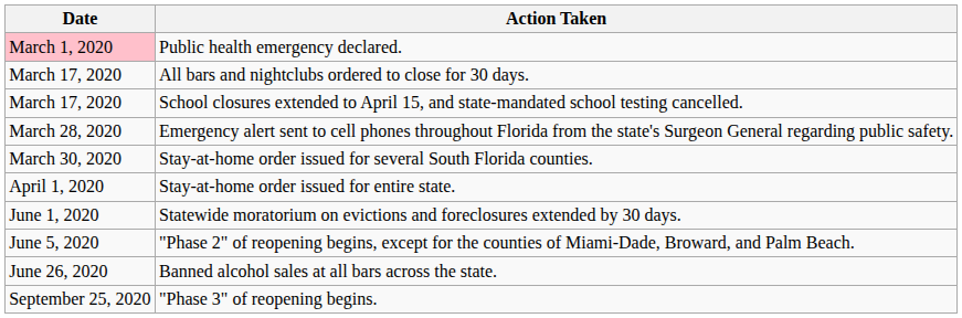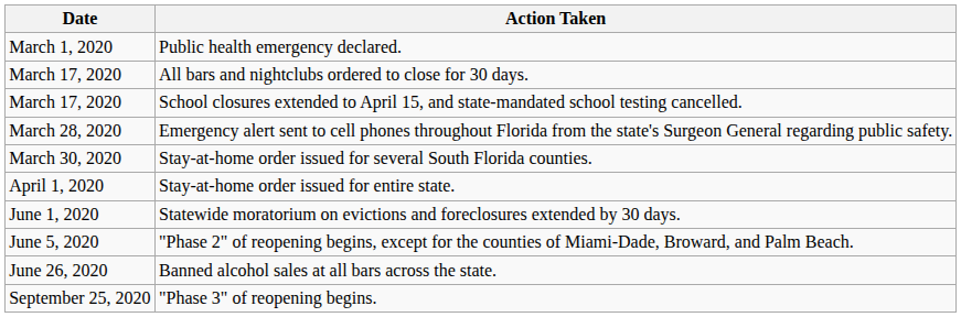 <table class="wikitable sortable">
 <tr>
 <th>Date</th>
 <th>Action Taken</th>
 </tr>
 <tr>
-<td style="background: pink;">March 1, 2020</td>
+<td>March 1, 2020</td>
 <td>Public health emergency declared.</td>
 </tr>
 <tr>
 <td>March 17, 2020</td>
 <td>All bars and nightclubs ordered to close for 30 days.</td>
 </tr>
 <tr>
 <td>March 17, 2020</td>
 <td>School closures extended to April 15, and state-mandated school testing cancelled.</td>
 </tr>
 <tr>
 <td>March 28, 2020</td>
 <td>Emergency alert sent to cell phones throughout Florida from the state's Surgeon General regarding public safety.</td>
 </tr>
 <tr>
 <td>March 30, 2020</td>
 <td>Stay-at-home order issued for several South Florida counties.</td>
 </tr>
 <tr>
 <td>April 1, 2020</td>
 <td>Stay-at-home order issued for entire state.</td>
 </tr>
 <tr>
 <td>June 1, 2020</td>
 <td>Statewide moratorium on evictions and foreclosures extended by 30 days.</td>
 </tr>
 <tr>
 <td>June 5, 2020</td>
 <td>"Phase 2" of reopening begins, except for the counties of Miami-Dade, Broward, and Palm Beach.</td>
 </tr>
 <tr>
 <td>June 26, 2020</td>
 <td>Banned alcohol sales at all bars across the state.</td>
 </tr>
 <tr>
 <td>September 25, 2020</td>
 <td>"Phase 3" of reopening begins.</td>
 </tr>
 </table>
